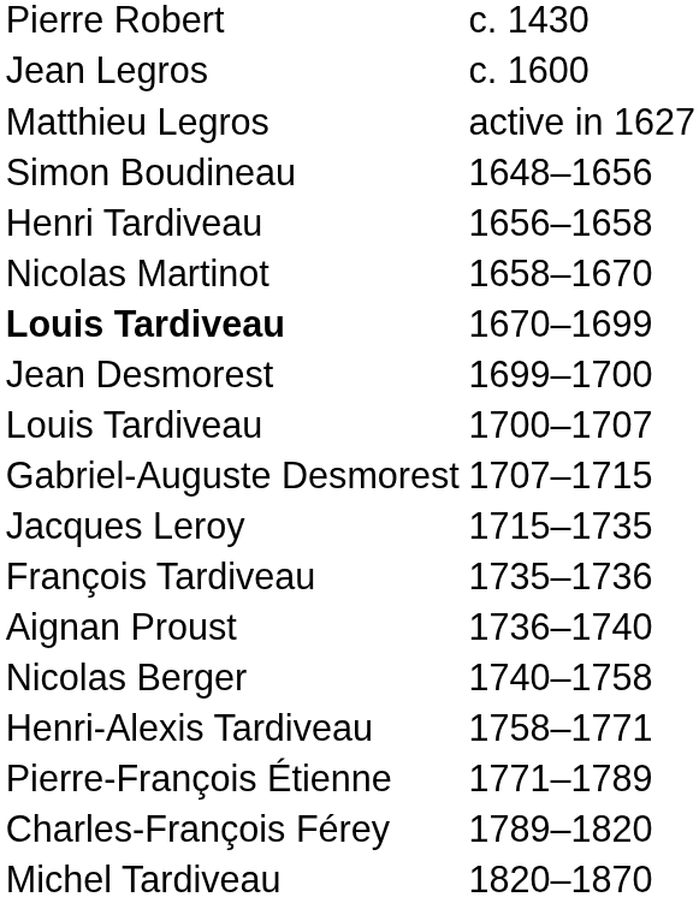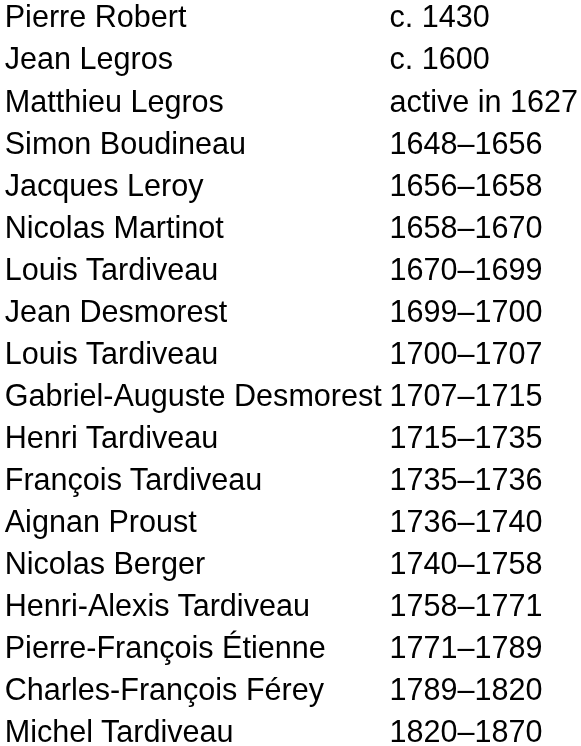 <table>
 <tr>
 <td>Pierre Robert</td>
 <td>c. 1430</td>
 </tr>
 <tr>
 <td>Jean Legros</td>
 <td>c. 1600</td>
 </tr>
 <tr>
 <td>Matthieu Legros</td>
 <td>active in 1627</td>
 </tr>
 <tr>
 <td>Simon Boudineau</td>
 <td>1648–1656</td>
 </tr>
 <tr>
-<td>Henri Tardiveau</td>
+<td>Jacques Leroy</td>
 <td>1656–1658</td>
 </tr>
 <tr>
 <td>Nicolas Martinot</td>
 <td>1658–1670</td>
 </tr>
 <tr>
-<td><strong>Louis Tardiveau</strong></td>
+<td>Louis Tardiveau</td>
 <td>1670–1699</td>
 </tr>
 <tr>
 <td>Jean Desmorest</td>
 <td>1699–1700</td>
 </tr>
 <tr>
 <td>Louis Tardiveau</td>
 <td>1700–1707</td>
 </tr>
 <tr>
 <td>Gabriel-Auguste Desmorest</td>
 <td>1707–1715</td>
 </tr>
 <tr>
-<td>Jacques Leroy</td>
+<td>Henri Tardiveau</td>
 <td>1715–1735</td>
 </tr>
 <tr>
 <td>François Tardiveau</td>
 <td>1735–1736</td>
 </tr>
 <tr>
 <td>Aignan Proust</td>
 <td>1736–1740</td>
 </tr>
 <tr>
 <td>Nicolas Berger</td>
 <td>1740–1758</td>
 </tr>
 <tr>
 <td>Henri-Alexis Tardiveau</td>
 <td>1758–1771</td>
 </tr>
 <tr>
 <td>Pierre-François Étienne</td>
 <td>1771–1789</td>
 </tr>
 <tr>
 <td>Charles-François Férey</td>
 <td>1789–1820</td>
 </tr>
 <tr>
 <td>Michel Tardiveau</td>
 <td>1820–1870</td>
 </tr>
 </table>
